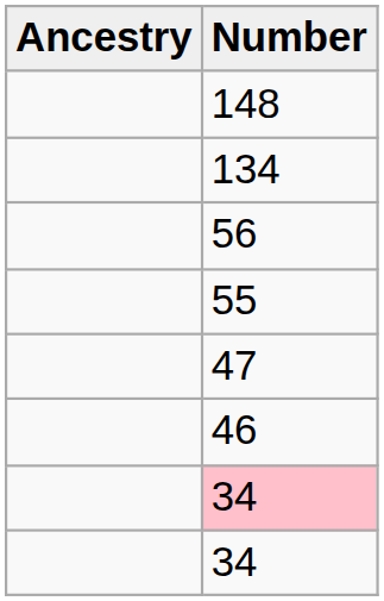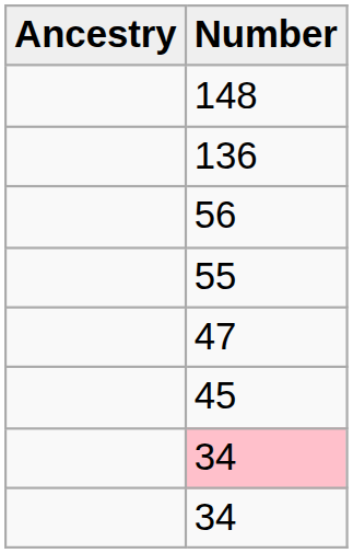 <table style="float: center;" class="wikitable">
 <tr>
 <th style="background:#efefef;">Ancestry</th>
 <th style="background:#efefef;">Number</th>
 </tr>
 <tr>
 <td></td>
 <td>148</td>
 </tr>
 <tr>
 <td></td>
-<td>134</td>
+<td>136</td>
 </tr>
 <tr>
 <td></td>
 <td>56</td>
 </tr>
 <tr>
 <td></td>
 <td>55</td>
 </tr>
 <tr>
 <td></td>
 <td>47</td>
 </tr>
 <tr>
 <td></td>
-<td>46</td>
+<td>45</td>
 </tr>
 <tr>
 <td></td>
 <td style="background: pink;">34</td>
 </tr>
 <tr>
 <td></td>
 <td>34</td>
 </tr>
 </table>
